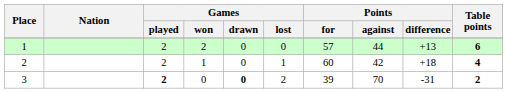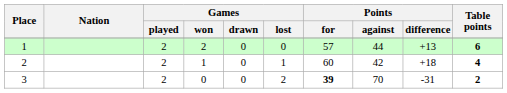 <table class="wikitable">
 <tr>
 <th rowspan=2 width="8%">Place</th>
 <th rowspan=2 width="20%">Nation</th>
 <th colspan=4 width="32%">Games</th>
 <th colspan=3 width="30%">Points</th>
 <th rowspan=2 width="10%">Table<br>points</th>
 </tr>
 <tr>
 <th width="8%">played</th>
 <th width="8%">won</th>
 <th width="8%">drawn</th>
 <th width="8%">lost</th>
 <th width="10%">for</th>
 <th width="10%">against</th>
 <th width="10%">difference</th>
 </tr>
 <tr>
 </tr>
 <tr bgcolor=#ccffcc align=center>
 <td>1</td>
 <td align=left></td>
 <td>2</td>
 <td>2</td>
 <td>0</td>
 <td>0</td>
 <td>57</td>
 <td>44</td>
 <td>+13</td>
 <td><strong>6</strong></td>
 </tr>
 <tr bgcolor=#ffffff align=center>
 <td>2</td>
 <td align=left></td>
 <td>2</td>
 <td>1</td>
 <td>0</td>
 <td>1</td>
 <td>60</td>
 <td>42</td>
 <td>+18</td>
 <td><strong>4</strong></td>
 </tr>
 <tr bgcolor=#ffffff align=center>
 <td>3</td>
 <td align=left></td>
-<td><strong>2</strong></td>
+<td>2</td>
 <td>0</td>
-<td><strong>0</strong></td>
+<td>0</td>
 <td>2</td>
-<td>39</td>
+<td><strong>39</strong></td>
 <td>70</td>
 <td>-31</td>
 <td><strong>2</strong></td>
 </tr>
 </table>
